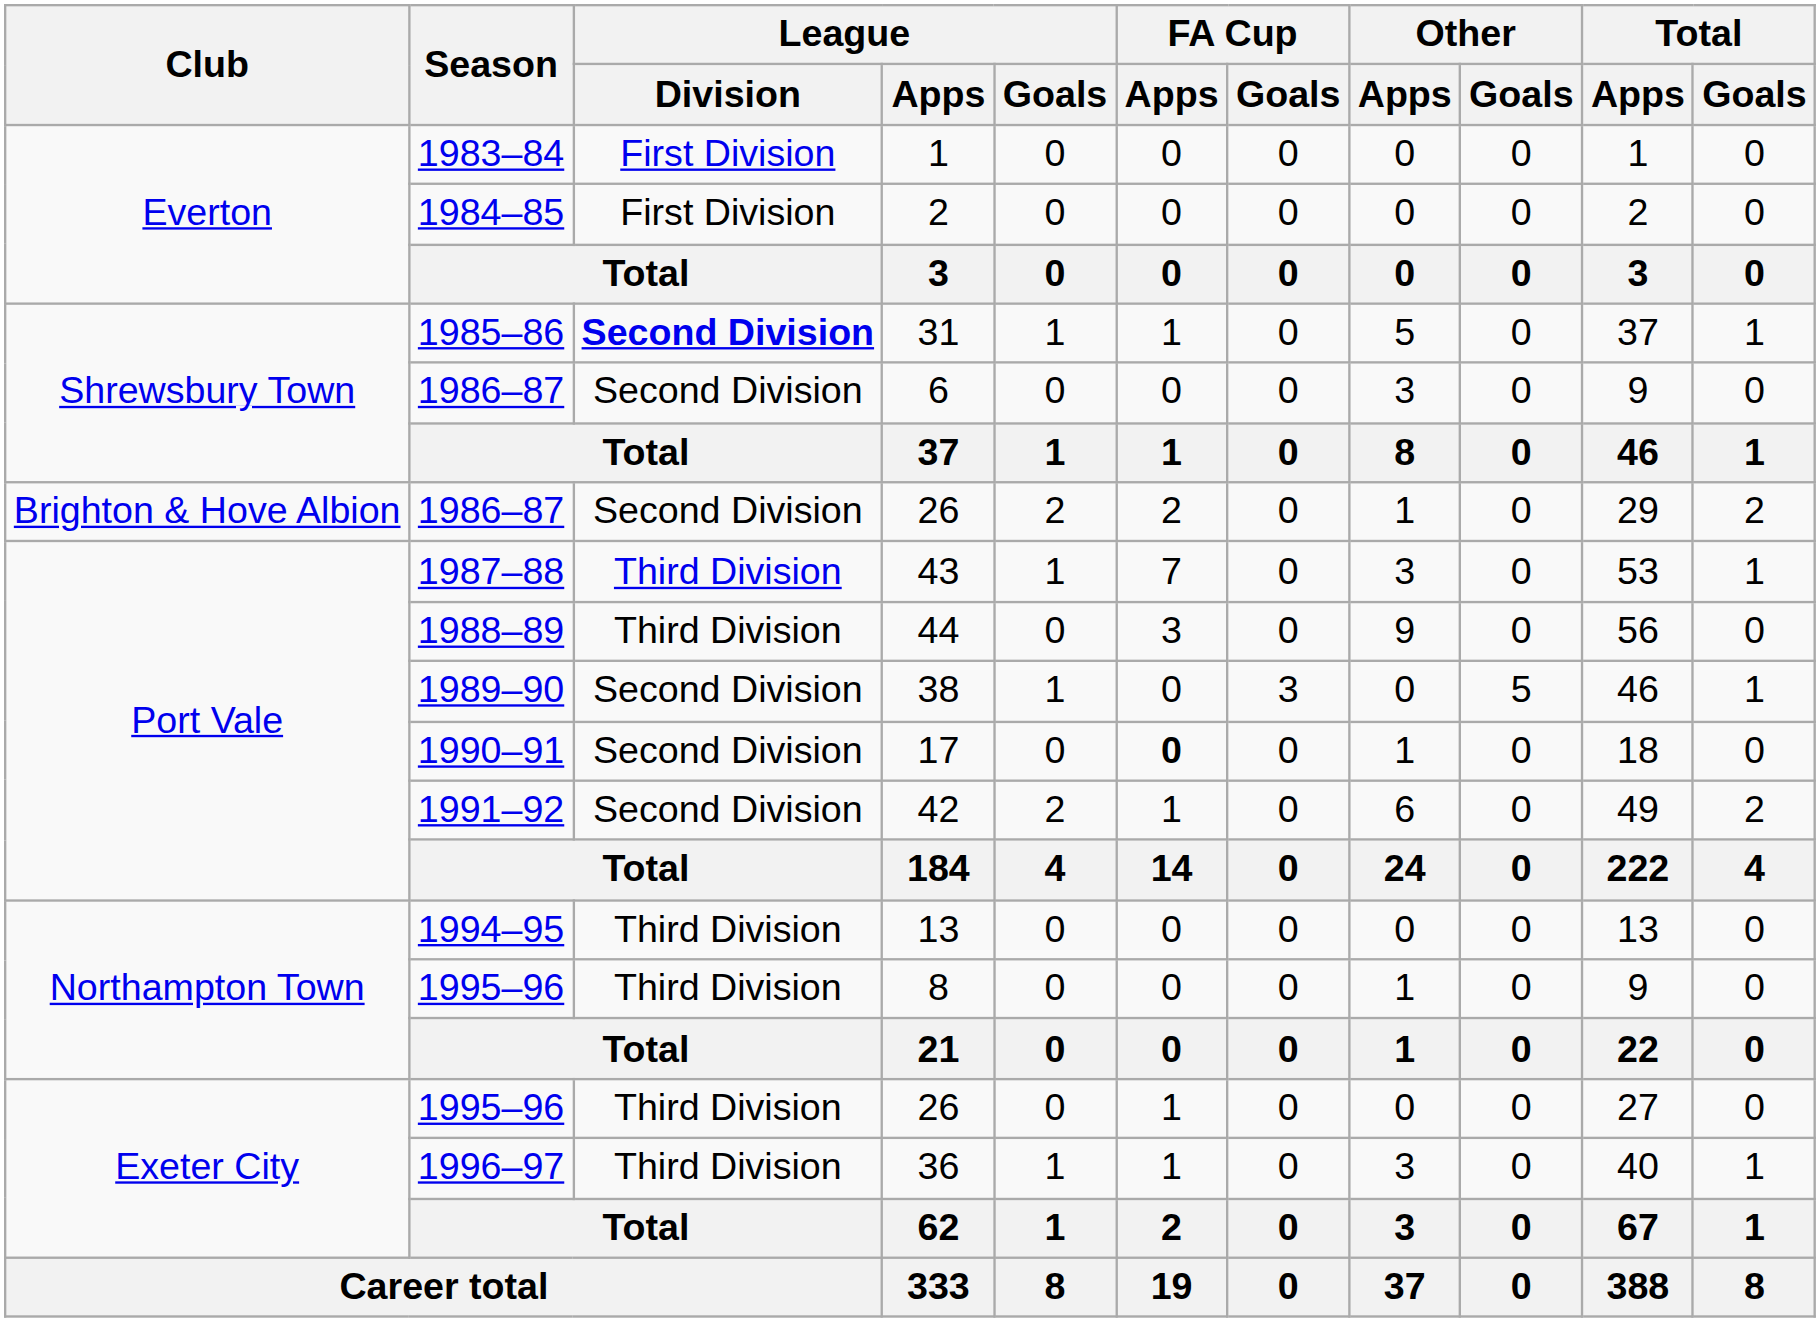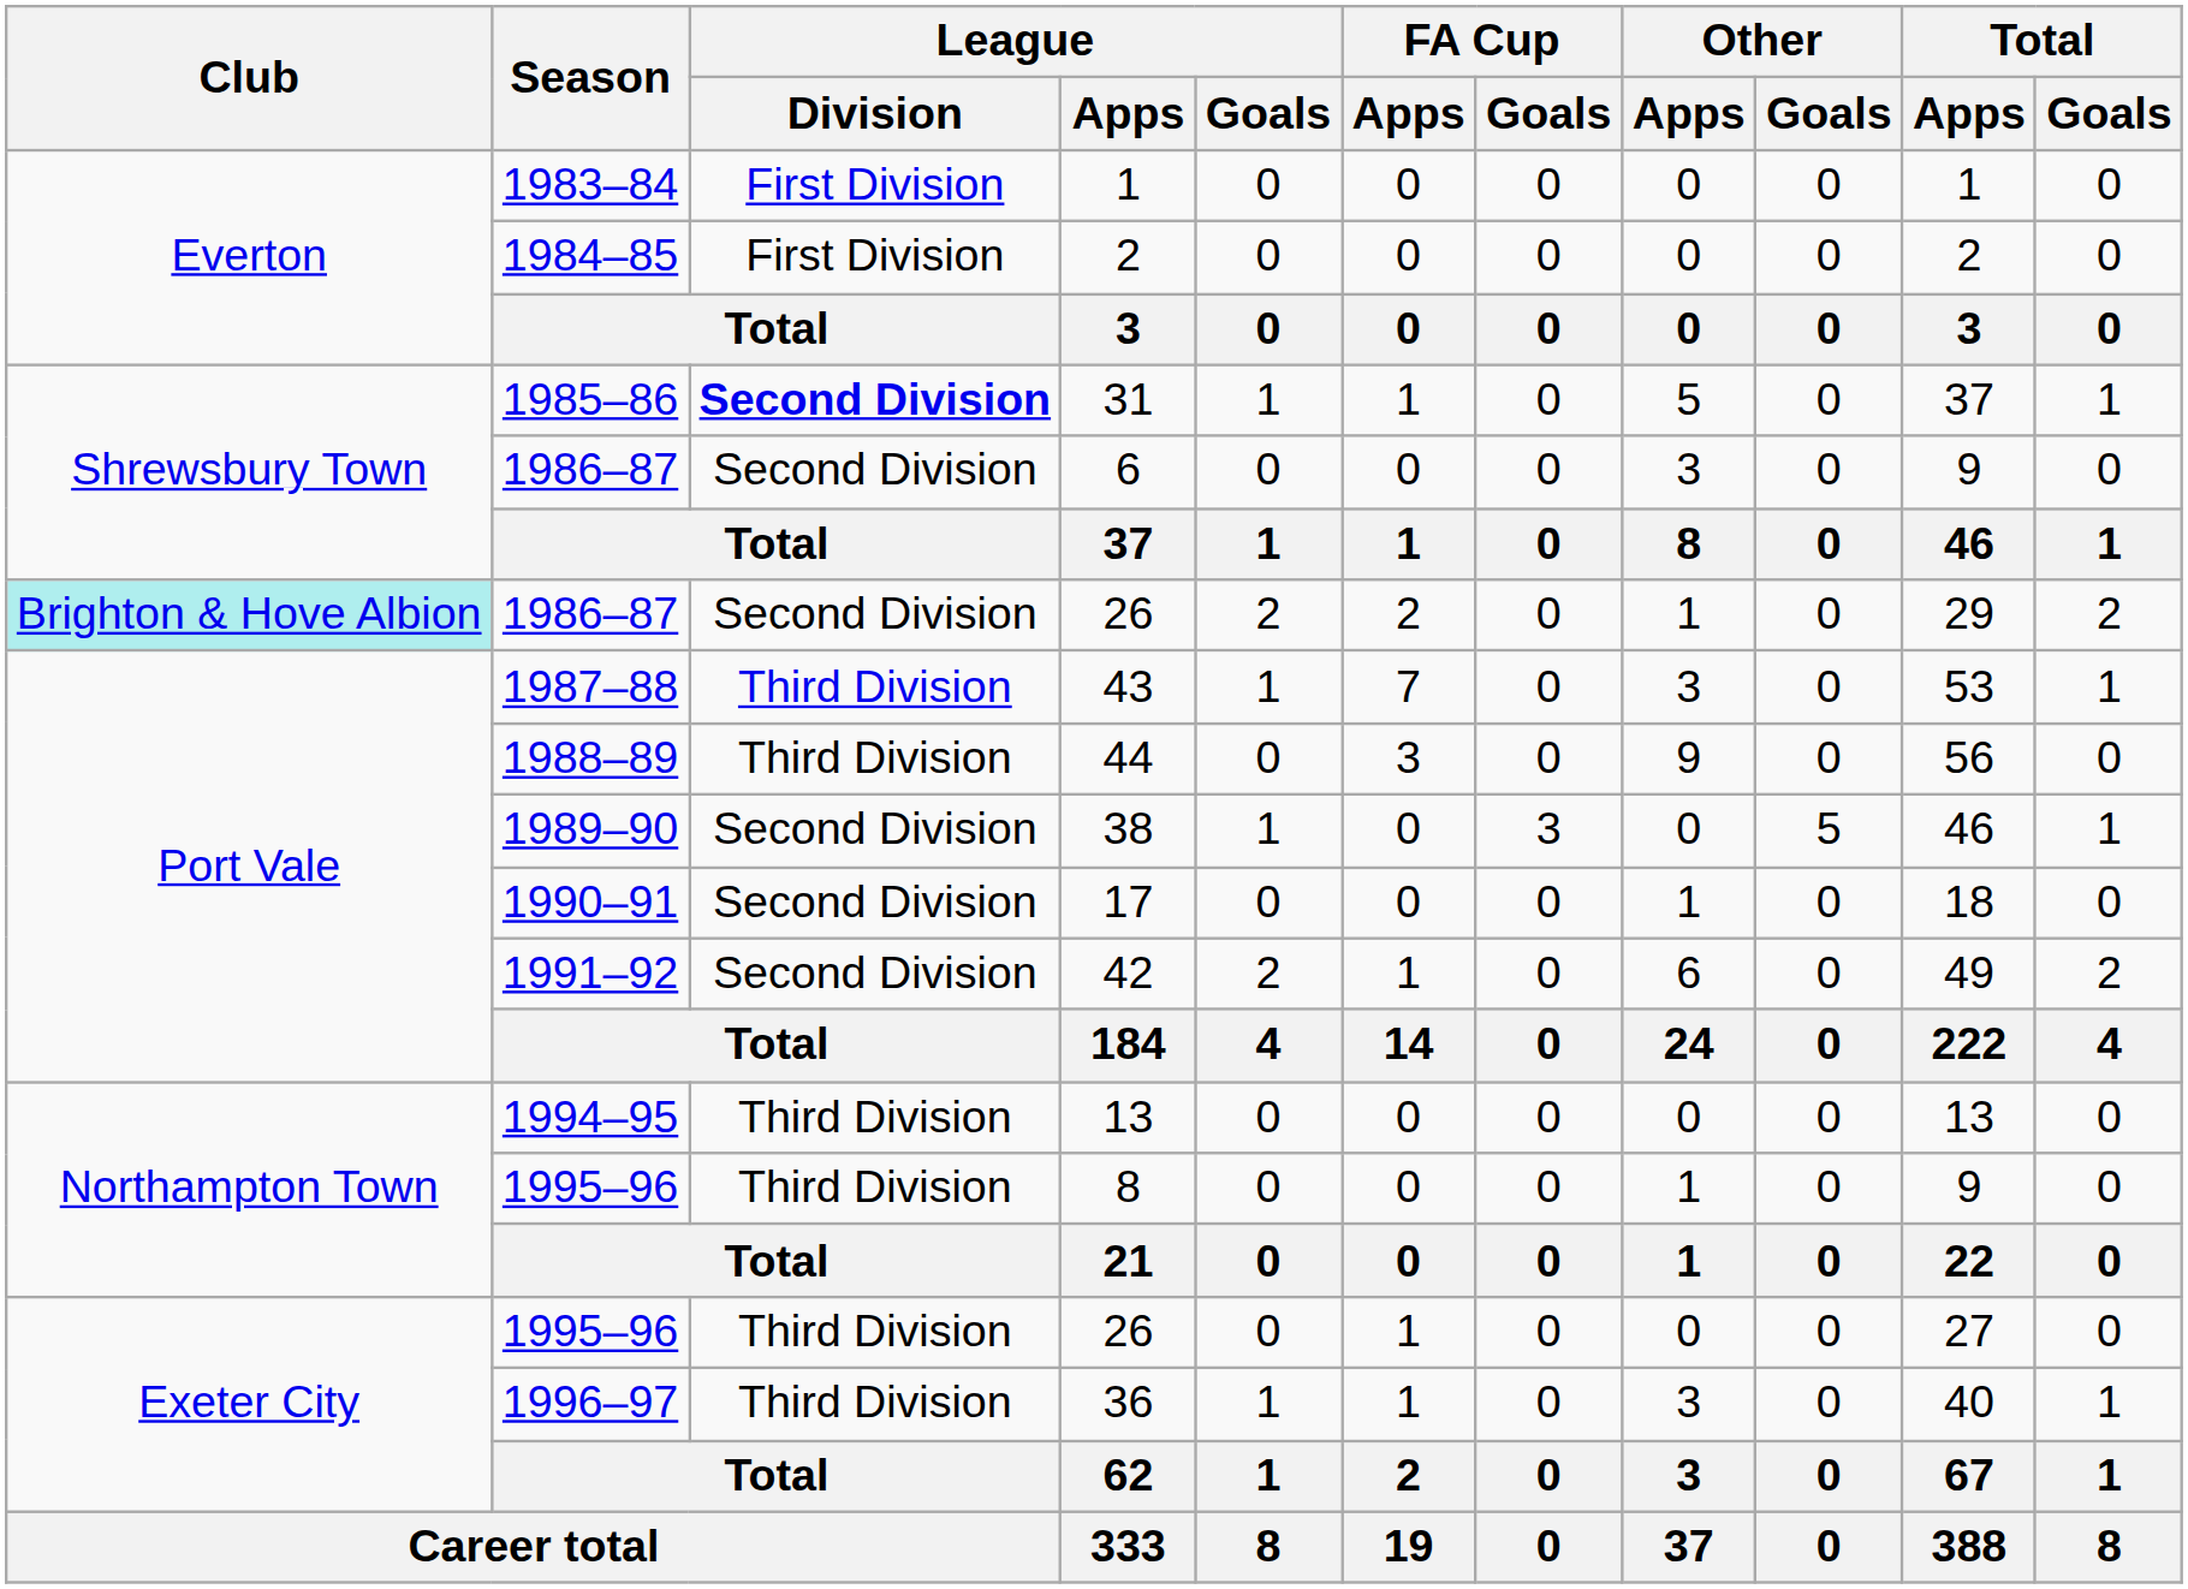 <table class="wikitable" style="text-align:center">
 <tr>
 <th rowspan="2">Club</th>
 <th rowspan="2">Season</th>
 <th colspan="3">League</th>
 <th colspan="2">FA Cup</th>
 <th colspan="2">Other</th>
 <th colspan="2">Total</th>
 </tr>
 <tr>
 <th>Division</th>
 <th>Apps</th>
 <th>Goals</th>
 <th>Apps</th>
 <th>Goals</th>
 <th>Apps</th>
 <th>Goals</th>
 <th>Apps</th>
 <th>Goals</th>
 </tr>
 <tr>
 <td rowspan="3"><a href='#'>Everton</a></td>
 <td><a href='#'>1983–84</a></td>
 <td><a href='#'>First Division</a></td>
 <td>1</td>
 <td>0</td>
 <td>0</td>
 <td>0</td>
 <td>0</td>
 <td>0</td>
 <td>1</td>
 <td>0</td>
 </tr>
 <tr>
 <td><a href='#'>1984–85</a></td>
 <td>First Division</td>
 <td>2</td>
 <td>0</td>
 <td>0</td>
 <td>0</td>
 <td>0</td>
 <td>0</td>
 <td>2</td>
 <td>0</td>
 </tr>
 <tr>
 <th colspan="2">Total</th>
 <th>3</th>
 <th>0</th>
 <th>0</th>
 <th>0</th>
 <th>0</th>
 <th>0</th>
 <th>3</th>
 <th>0</th>
 </tr>
 <tr>
 <td rowspan="3"><a href='#'>Shrewsbury Town</a></td>
 <td><a href='#'>1985–86</a></td>
 <td><strong><a href='#'>Second Division</a></strong></td>
 <td>31</td>
 <td>1</td>
 <td>1</td>
 <td>0</td>
 <td>5</td>
 <td>0</td>
 <td>37</td>
 <td>1</td>
 </tr>
 <tr>
 <td><a href='#'>1986–87</a></td>
 <td>Second Division</td>
 <td>6</td>
 <td>0</td>
 <td>0</td>
 <td>0</td>
 <td>3</td>
 <td>0</td>
 <td>9</td>
 <td>0</td>
 </tr>
 <tr>
 <th colspan="2">Total</th>
 <th>37</th>
 <th>1</th>
 <th>1</th>
 <th>0</th>
 <th>8</th>
 <th>0</th>
 <th>46</th>
 <th>1</th>
 </tr>
 <tr>
-<td><a href='#'>Brighton & Hove Albion</a></td>
+<td style="background: paleturquoise;"><a href='#'>Brighton & Hove Albion</a></td>
 <td><a href='#'>1986–87</a></td>
 <td>Second Division</td>
 <td>26</td>
 <td>2</td>
 <td>2</td>
 <td>0</td>
 <td>1</td>
 <td>0</td>
 <td>29</td>
 <td>2</td>
 </tr>
 <tr>
 <td rowspan="6"><a href='#'>Port Vale</a></td>
 <td><a href='#'>1987–88</a></td>
 <td><a href='#'>Third Division</a></td>
 <td>43</td>
 <td>1</td>
 <td>7</td>
 <td>0</td>
 <td>3</td>
 <td>0</td>
 <td>53</td>
 <td>1</td>
 </tr>
 <tr>
 <td><a href='#'>1988–89</a></td>
 <td>Third Division</td>
 <td>44</td>
 <td>0</td>
 <td>3</td>
 <td>0</td>
 <td>9</td>
 <td>0</td>
 <td>56</td>
 <td>0</td>
 </tr>
 <tr>
 <td><a href='#'>1989–90</a></td>
 <td>Second Division</td>
 <td>38</td>
 <td>1</td>
 <td>0</td>
 <td>3</td>
 <td>0</td>
 <td>5</td>
 <td>46</td>
 <td>1</td>
 </tr>
 <tr>
 <td><a href='#'>1990–91</a></td>
 <td>Second Division</td>
 <td>17</td>
 <td>0</td>
-<td><strong>0</strong></td>
+<td>0</td>
 <td>0</td>
 <td>1</td>
 <td>0</td>
 <td>18</td>
 <td>0</td>
 </tr>
 <tr>
 <td><a href='#'>1991–92</a></td>
 <td>Second Division</td>
 <td>42</td>
 <td>2</td>
 <td>1</td>
 <td>0</td>
 <td>6</td>
 <td>0</td>
 <td>49</td>
 <td>2</td>
 </tr>
 <tr>
 <th colspan="2">Total</th>
 <th>184</th>
 <th>4</th>
 <th>14</th>
 <th>0</th>
 <th>24</th>
 <th>0</th>
 <th>222</th>
 <th>4</th>
 </tr>
 <tr>
 <td rowspan="3"><a href='#'>Northampton Town</a></td>
 <td><a href='#'>1994–95</a></td>
 <td>Third Division</td>
 <td>13</td>
 <td>0</td>
 <td>0</td>
 <td>0</td>
 <td>0</td>
 <td>0</td>
 <td>13</td>
 <td>0</td>
 </tr>
 <tr>
 <td><a href='#'>1995–96</a></td>
 <td>Third Division</td>
 <td>8</td>
 <td>0</td>
 <td>0</td>
 <td>0</td>
 <td>1</td>
 <td>0</td>
 <td>9</td>
 <td>0</td>
 </tr>
 <tr>
 <th colspan="2">Total</th>
 <th>21</th>
 <th>0</th>
 <th>0</th>
 <th>0</th>
 <th>1</th>
 <th>0</th>
 <th>22</th>
 <th>0</th>
 </tr>
 <tr>
 <td rowspan="3"><a href='#'>Exeter City</a></td>
 <td><a href='#'>1995–96</a></td>
 <td>Third Division</td>
 <td>26</td>
 <td>0</td>
 <td>1</td>
 <td>0</td>
 <td>0</td>
 <td>0</td>
 <td>27</td>
 <td>0</td>
 </tr>
 <tr>
 <td><a href='#'>1996–97</a></td>
 <td>Third Division</td>
 <td>36</td>
 <td>1</td>
 <td>1</td>
 <td>0</td>
 <td>3</td>
 <td>0</td>
 <td>40</td>
 <td>1</td>
 </tr>
 <tr>
 <th colspan="2">Total</th>
 <th>62</th>
 <th>1</th>
 <th>2</th>
 <th>0</th>
 <th>3</th>
 <th>0</th>
 <th>67</th>
 <th>1</th>
 </tr>
 <tr>
 <th colspan="3">Career total</th>
 <th>333</th>
 <th>8</th>
 <th>19</th>
 <th>0</th>
 <th>37</th>
 <th>0</th>
 <th>388</th>
 <th>8</th>
 </tr>
 </table>
